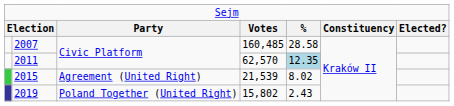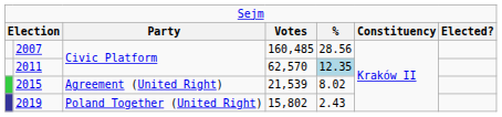 <table class = 'wikitable'>
 <tr>
 <td colspan="7" style="text-align:center;"><a href='#'>Sejm</a></td>
 </tr>
 <tr>
 <th colspan="2">Election</th>
 <th>Party</th>
 <th>Votes</th>
 <th>%</th>
 <th>Constituency</th>
 <th>Elected?</th>
 </tr>
 <tr>
 <td style="background-color: "></td>
 <td><a href='#'>2007</a></td>
 <td rowspan="2"><a href='#'>Civic Platform</a></td>
 <td>160,485</td>
-<td>28.58</td>
+<td>28.56</td>
 <td rowspan="4"><a href='#'>Kraków II</a></td>
 <td></td>
 </tr>
 <tr>
 <td style="background-color: "></td>
 <td><a href='#'>2011</a></td>
 <td>62,570</td>
 <td style="background: lightblue;">12.35</td>
 <td></td>
 </tr>
 <tr>
 <td style="background-color: #33cc40"></td>
 <td><a href='#'>2015</a></td>
 <td><a href='#'>Agreement</a> (<a href='#'>United Right</a>)</td>
 <td>21,539</td>
 <td>8.02</td>
 <td></td>
 </tr>
 <tr>
 <td style="background-color: #333399"></td>
 <td><a href='#'>2019</a></td>
 <td><a href='#'>Poland Together</a> (<a href='#'>United Right</a>)</td>
 <td>15,802</td>
 <td>2.43</td>
 <td></td>
 </tr>
 </table>
